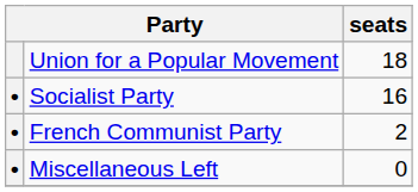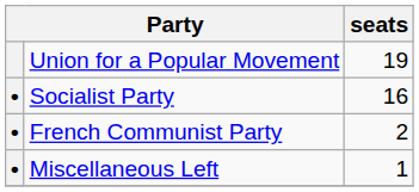 <table class="wikitable" style="font-size: 95%;">
 <tr>
 <th colspan=2>Party</th>
 <th>seats</th>
 </tr>
 <tr>
 <th style="background-color: "></th>
 <td><a href='#'>Union for a Popular Movement</a></td>
-<td align="right">18</td>
+<td align="right">19</td>
 </tr>
 <tr>
 <th style="background-color: "><span>•</span></th>
 <td><a href='#'>Socialist Party</a></td>
 <td align="right">16</td>
 </tr>
 <tr>
 <th style="background-color: "><span>•</span></th>
 <td><a href='#'>French Communist Party</a></td>
 <td align="right">2</td>
 </tr>
 <tr>
 <th style="background-color: "><span>•</span></th>
 <td><a href='#'>Miscellaneous Left</a></td>
-<td align="right">0</td>
+<td align="right">1</td>
 </tr>
 <tr>
 </tr>
 </table>
